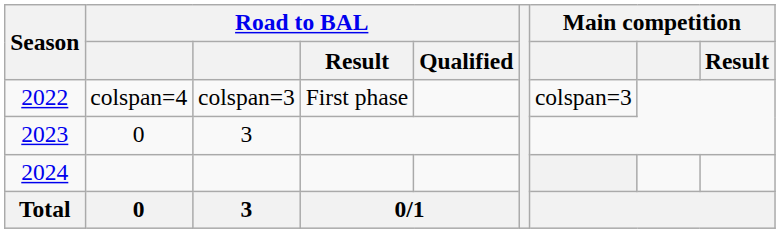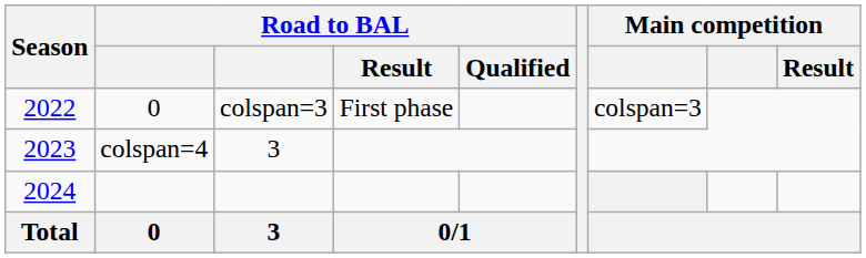 <table class="wikitable" style="text-align:center;">
 <tr>
 <th rowspan=2>Season</th>
 <th colspan=4><a href='#'>Road to BAL</a></th>
 <th rowspan="101"></th>
 <th colspan=3>Main competition</th>
 </tr>
 <tr>
 <th width=35></th>
 <th width=35></th>
 <th>Result</th>
 <th>Qualified</th>
 <th width=35></th>
 <th width=35></th>
 <th>Result</th>
 </tr>
 <tr>
 <td><a href='#'>2022</a></td>
-<td>colspan=4  </td>
+<td>0</td>
 <td>colspan=3 </td>
 <td>First phase</td>
 <td></td>
 <td>colspan=3 </td>
 </tr>
 <tr>
 <td><a href='#'>2023</a></td>
-<td>0</td>
+<td>colspan=4  </td>
 <td>3</td>
 </tr>
 <tr>
 <td><a href='#'>2024</a></td>
 <td></td>
 <td></td>
 <td></td>
 <td></td>
 <th></th>
 <td></td>
 <td></td>
 </tr>
 <tr>
 <th>Total</th>
 <th>0</th>
 <th>3</th>
 <th colspan=2>0/1</th>
 <th colspan=3></th>
 </tr>
 </table>
